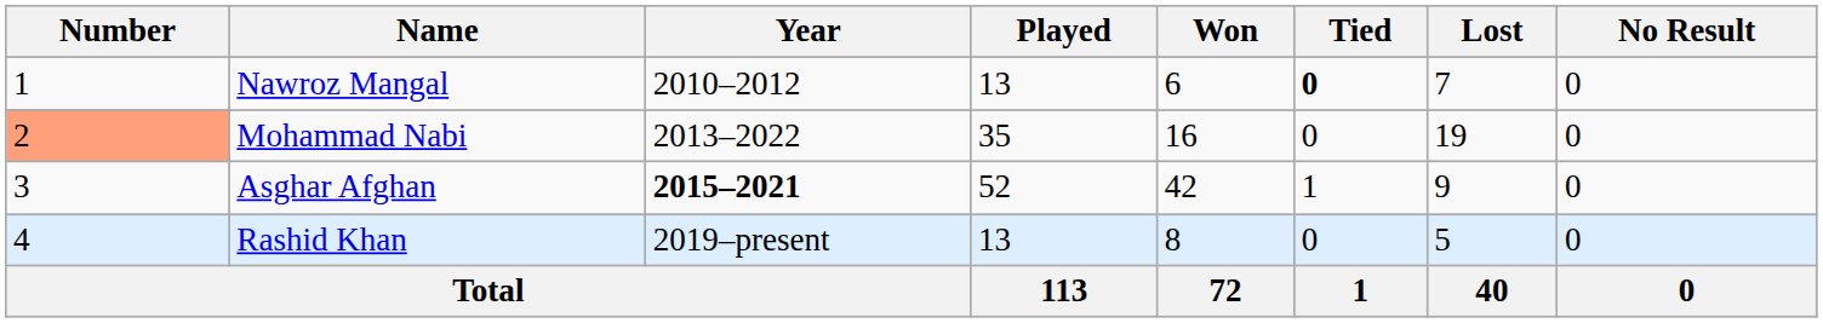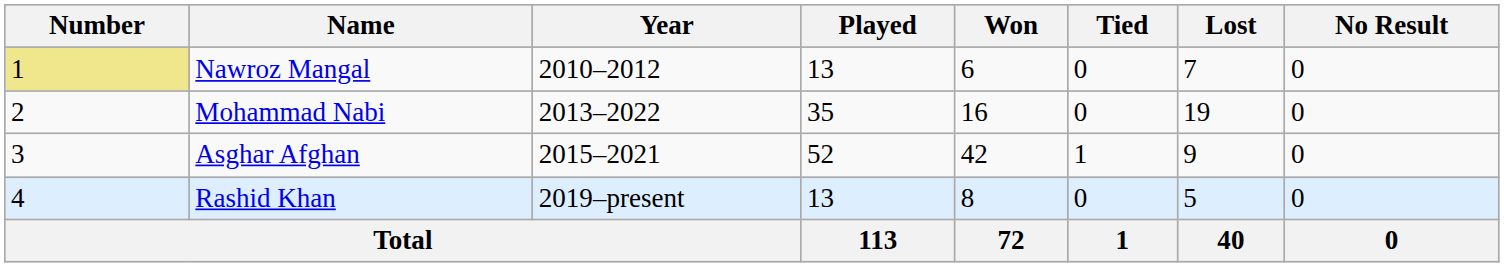 <table class="wikitable" style="width:70%;">
 <tr>
 <th>Number</th>
 <th>Name</th>
 <th>Year</th>
 <th>Played</th>
 <th>Won</th>
 <th>Tied</th>
 <th>Lost</th>
 <th>No Result</th>
 </tr>
 <tr>
-<td>1</td>
+<td style="background: khaki;">1</td>
 <td><a href='#'>Nawroz Mangal</a></td>
 <td>2010–2012</td>
 <td>13</td>
 <td>6</td>
-<td><strong>0</strong></td>
+<td>0</td>
 <td>7</td>
 <td>0</td>
 </tr>
 <tr>
-<td style="background: lightsalmon;">2</td>
+<td>2</td>
 <td><a href='#'>Mohammad Nabi</a></td>
 <td>2013–2022</td>
 <td>35</td>
 <td>16</td>
 <td>0</td>
 <td>19</td>
 <td>0</td>
 </tr>
 <tr>
 <td>3</td>
 <td><a href='#'>Asghar Afghan</a></td>
-<td><strong>2015–2021</strong></td>
+<td>2015–2021</td>
 <td>52</td>
 <td>42</td>
 <td>1</td>
 <td>9</td>
 <td>0</td>
 </tr>
 <tr bgcolor=#def>
 <td>4</td>
 <td><a href='#'>Rashid Khan</a></td>
 <td>2019–present</td>
 <td>13</td>
 <td>8</td>
 <td>0</td>
 <td>5</td>
 <td>0</td>
 </tr>
 <tr>
 <th colspan=3><strong>Total</strong></th>
 <th><strong>113</strong></th>
 <th><strong>72</strong></th>
 <th><strong>1</strong></th>
 <th><strong>40</strong></th>
 <th><strong>0</strong></th>
 </tr>
 </table>
